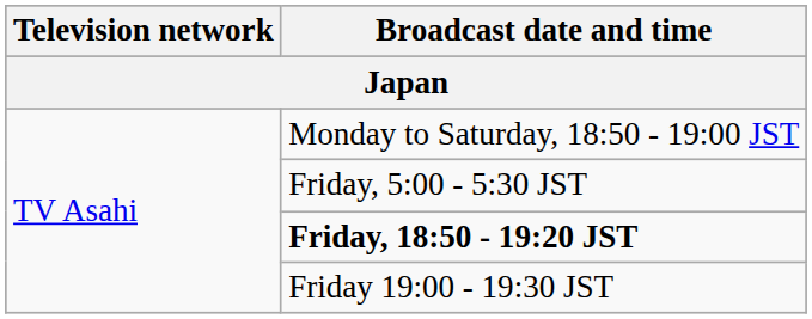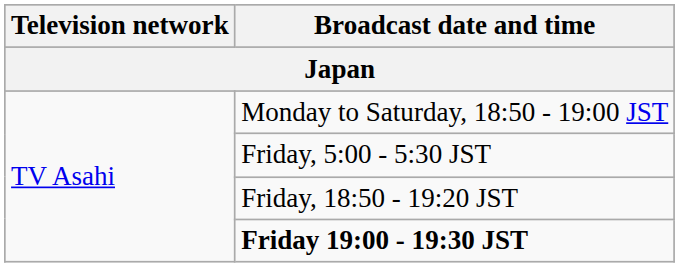 <table class="wikitable">
 <tr>
 <th><strong>Television network</strong></th>
 <th><strong>Broadcast date and time</strong></th>
 </tr>
 <tr>
 <th colspan="2">Japan</th>
 </tr>
 <tr>
 <td rowspan="4"><a href='#'>TV Asahi</a></td>
 <td>Monday to Saturday, 18:50 - 19:00 <a href='#'>JST</a></td>
 </tr>
 <tr>
 <td>Friday, 5:00 - 5:30 JST</td>
 </tr>
 <tr>
-<td><strong>Friday, 18:50 - 19:20 JST</strong></td>
+<td>Friday, 18:50 - 19:20 JST</td>
 </tr>
 <tr>
-<td>Friday 19:00 - 19:30 JST</td>
+<td><strong>Friday 19:00 - 19:30 JST</strong></td>
 </tr>
 </table>
